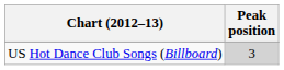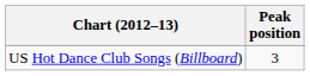 <table class="wikitable sortable plainrowheaders">
 <tr>
 <th scope="col">Chart (2012–13)</th>
 <th scope="col">Peak<br>position</th>
 </tr>
 <tr>
 </tr>
 <tr>
 </tr>
 <tr>
 <td>US <a href='#'>Hot Dance Club Songs</a> (<em><a href='#'>Billboard</a></em>)</td>
-<td align="center" style="background: lightgrey;">3</td>
+<td align="center">3</td>
 </tr>
 </table>
